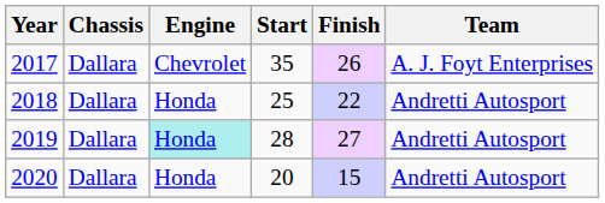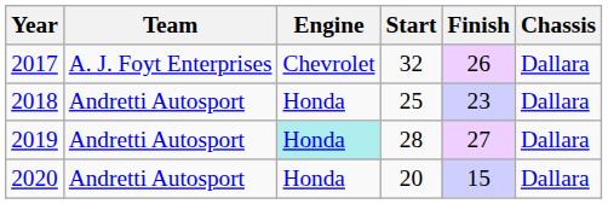 <table class="wikitable" style="font-size: 90%;">
 <tr>
 <th>Year</th>
-<th>Chassis</th>
+<th>Team</th>
 <th>Engine</th>
 <th>Start</th>
 <th>Finish</th>
-<th>Team</th>
+<th>Chassis</th>
 </tr>
 <tr>
 <td><a href='#'>2017</a></td>
+<td nowrap><a href='#'>A. J. Foyt Enterprises</a></td>
+<td><a href='#'>Chevrolet</a></td>
+<td style="text-align:center;">32</td>
+<td style="text-align:center; background:#EFCFFF;">26</td>
 <td><a href='#'>Dallara</a></td>
-<td><a href='#'>Chevrolet</a></td>
-<td style="text-align:center;">35</td>
-<td style="text-align:center; background:#EFCFFF;">26</td>
-<td nowrap><a href='#'>A. J. Foyt Enterprises</a></td>
 </tr>
 <tr>
 <td><a href='#'>2018</a></td>
-<td><a href='#'>Dallara</a></td>
+<td><a href='#'>Andretti Autosport</a></td>
 <td><a href='#'>Honda</a></td>
 <td style="text-align:center;">25</td>
-<td style="text-align:center; background:#CFCFFF;">22</td>
-<td><a href='#'>Andretti Autosport</a></td>
+<td style="text-align:center; background:#CFCFFF;">23</td>
+<td><a href='#'>Dallara</a></td>
 </tr>
 <tr>
 <td><a href='#'>2019</a></td>
-<td><a href='#'>Dallara</a></td>
+<td><a href='#'>Andretti Autosport</a></td>
 <td style="background: paleturquoise;"><a href='#'>Honda</a></td>
 <td style="text-align:center;">28</td>
 <td style="text-align:center; background:#EFCFFF;">27</td>
-<td><a href='#'>Andretti Autosport</a></td>
+<td><a href='#'>Dallara</a></td>
 </tr>
 <tr>
 <td><a href='#'>2020</a></td>
-<td><a href='#'>Dallara</a></td>
+<td><a href='#'>Andretti Autosport</a></td>
 <td><a href='#'>Honda</a></td>
 <td align=center>20</td>
 <td align=center style="background:#CFCFFF;">15</td>
-<td><a href='#'>Andretti Autosport</a></td>
+<td><a href='#'>Dallara</a></td>
 </tr>
 </table>
